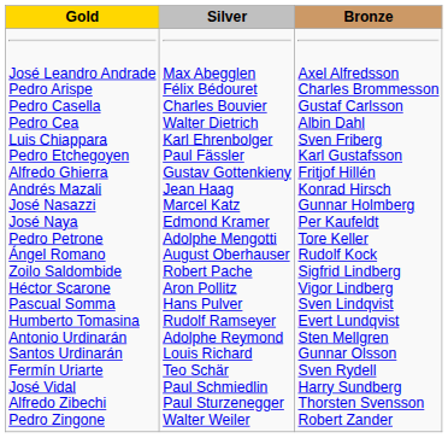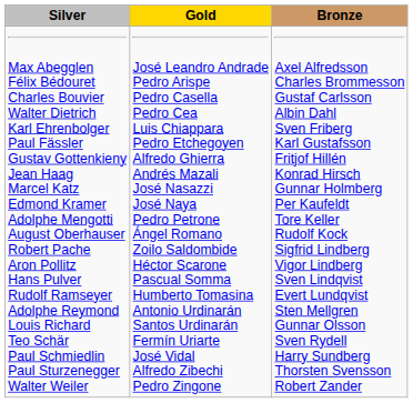 <table class=wikitable>
 <tr style="text-align:center;">
+<td !  style="background:silver;"><strong>Silver</strong></td>
 <td !  style="background:gold;"><strong>Gold</strong></td>
-<td !  style="background:silver;"><strong>Silver</strong></td>
 <td !  style="background:#c96;"><strong>Bronze</strong></td>
 </tr>
 <tr valign=top>
+<td> <hr><br><a href='#'>Max Abegglen</a><br><a href='#'>Félix Bédouret</a><br><a href='#'>Charles Bouvier</a><br><a href='#'>Walter Dietrich</a><br><a href='#'>Karl Ehrenbolger</a><br><a href='#'>Paul Fässler</a><br><a href='#'>Gustav Gottenkieny</a><br><a href='#'>Jean Haag</a><br> <a href='#'>Marcel Katz</a><br><a href='#'>Edmond Kramer</a><br><a href='#'>Adolphe Mengotti</a><br><a href='#'>August Oberhauser</a><br><a href='#'>Robert Pache</a><br><a href='#'>Aron Pollitz</a><br><a href='#'>Hans Pulver</a><br><a href='#'>Rudolf Ramseyer</a><br><a href='#'>Adolphe Reymond</a><br><a href='#'>Louis Richard</a><br><a href='#'>Teo Schär</a><br> <a href='#'>Paul Schmiedlin</a><br><a href='#'>Paul Sturzenegger</a><br><a href='#'>Walter Weiler</a></td>
 <td> <hr><br><a href='#'>José Leandro Andrade</a><br><a href='#'>Pedro Arispe</a><br><a href='#'>Pedro Casella</a><br><a href='#'>Pedro Cea</a><br><a href='#'>Luis Chiappara</a><br><a href='#'>Pedro Etchegoyen</a><br><a href='#'>Alfredo Ghierra</a><br><a href='#'>Andrés Mazali</a><br><a href='#'>José Nasazzi</a><br><a href='#'>José Naya</a><br><a href='#'>Pedro Petrone</a><br><a href='#'>Ángel Romano</a><br><a href='#'>Zoilo Saldombide</a><br><a href='#'>Héctor Scarone</a><br><a href='#'>Pascual Somma</a><br><a href='#'>Humberto Tomasina</a><br><a href='#'>Antonio Urdinarán</a><br><a href='#'>Santos Urdinarán</a><br><a href='#'>Fermín Uriarte</a><br><a href='#'>José Vidal</a><br><a href='#'>Alfredo Zibechi</a><br><a href='#'>Pedro Zingone</a></td>
-<td> <hr><br><a href='#'>Max Abegglen</a><br><a href='#'>Félix Bédouret</a><br><a href='#'>Charles Bouvier</a><br><a href='#'>Walter Dietrich</a><br><a href='#'>Karl Ehrenbolger</a><br><a href='#'>Paul Fässler</a><br><a href='#'>Gustav Gottenkieny</a><br><a href='#'>Jean Haag</a><br> <a href='#'>Marcel Katz</a><br><a href='#'>Edmond Kramer</a><br><a href='#'>Adolphe Mengotti</a><br><a href='#'>August Oberhauser</a><br><a href='#'>Robert Pache</a><br><a href='#'>Aron Pollitz</a><br><a href='#'>Hans Pulver</a><br><a href='#'>Rudolf Ramseyer</a><br><a href='#'>Adolphe Reymond</a><br><a href='#'>Louis Richard</a><br><a href='#'>Teo Schär</a><br> <a href='#'>Paul Schmiedlin</a><br><a href='#'>Paul Sturzenegger</a><br><a href='#'>Walter Weiler</a></td>
 <td> <hr><br><a href='#'>Axel Alfredsson</a><br><a href='#'>Charles Brommesson</a><br><a href='#'>Gustaf Carlsson</a><br><a href='#'>Albin Dahl</a><br><a href='#'>Sven Friberg</a><br><a href='#'>Karl Gustafsson</a><br><a href='#'>Fritjof Hillén</a><br><a href='#'>Konrad Hirsch</a><br><a href='#'>Gunnar Holmberg</a><br><a href='#'>Per Kaufeldt</a><br><a href='#'>Tore Keller</a><br><a href='#'>Rudolf Kock</a><br><a href='#'>Sigfrid Lindberg</a><br><a href='#'>Vigor Lindberg</a><br><a href='#'>Sven Lindqvist</a><br><a href='#'>Evert Lundqvist</a><br><a href='#'>Sten Mellgren</a><br><a href='#'>Gunnar Olsson</a><br><a href='#'>Sven Rydell</a><br><a href='#'>Harry Sundberg</a><br><a href='#'>Thorsten Svensson</a><br><a href='#'>Robert Zander</a></td>
 </tr>
 </table>
